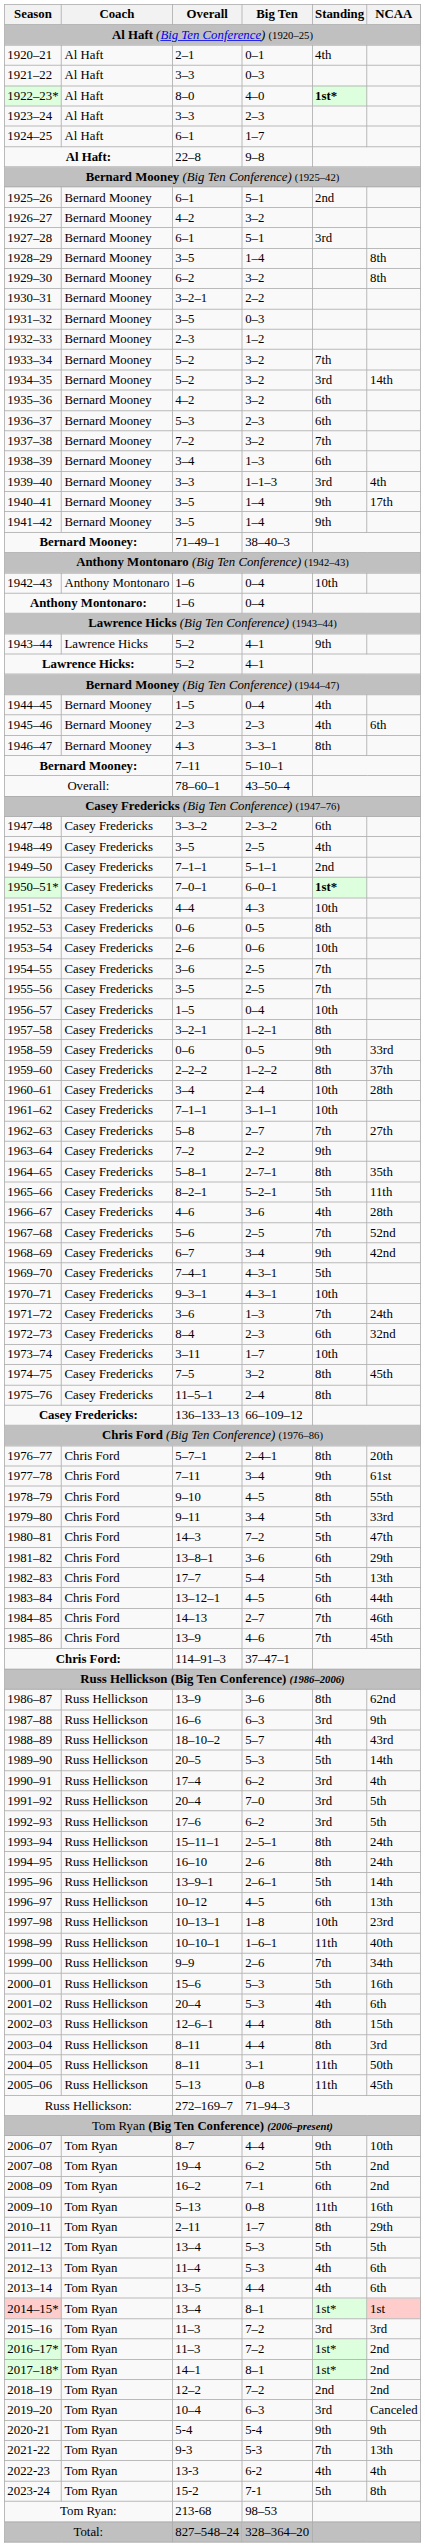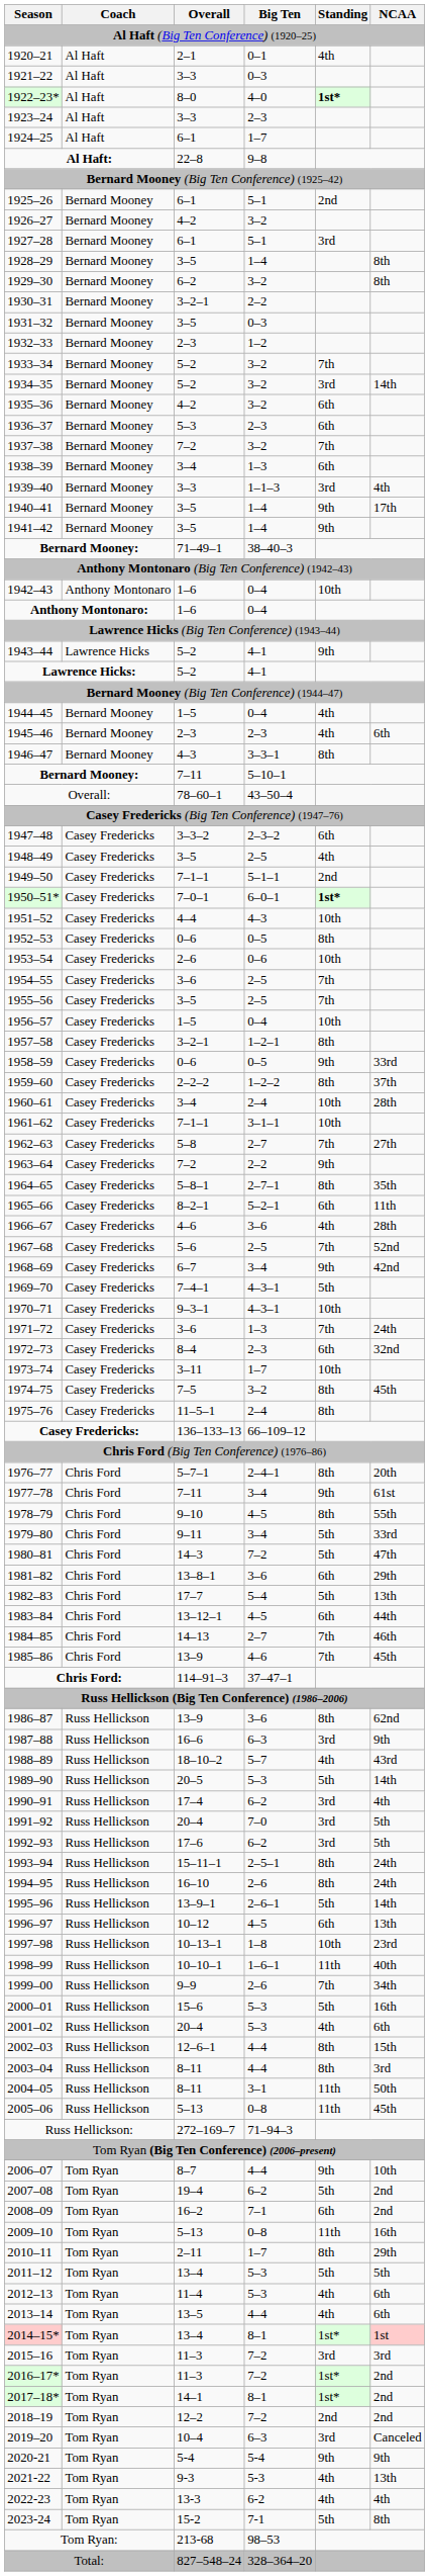 <table class="wikitable">
 <tr>
 <th>Season</th>
 <th>Coach</th>
 <th>Overall</th>
 <th>Big Ten</th>
 <th>Standing</th>
 <th>NCAA</th>
 </tr>
 <tr>
 <td colspan="6" bgcolor="#C0C0C0" style="text-align: center;"><strong>Al Haft</strong> <em>(<a href='#'>Big Ten Conference</a>)</em> <small>(1920–25)</small></td>
 </tr>
 <tr>
 <td>1920–21</td>
 <td>Al Haft</td>
 <td>2–1</td>
 <td>0–1</td>
 <td>4th</td>
 <td></td>
 </tr>
 <tr>
 <td>1921–22</td>
 <td>Al Haft</td>
 <td>3–3</td>
 <td>0–3</td>
 <td></td>
 <td></td>
 </tr>
 <tr>
 <td bgcolor="#ddffdd">1922–23*</td>
 <td>Al Haft</td>
 <td>8–0</td>
 <td>4–0</td>
 <td bgcolor="#ddffdd"><strong>1st*</strong></td>
 <td></td>
 </tr>
 <tr>
 <td>1923–24</td>
 <td>Al Haft</td>
 <td>3–3</td>
 <td>2–3</td>
 <td></td>
 <td></td>
 </tr>
 <tr>
 <td>1924–25</td>
 <td>Al Haft</td>
 <td>6–1</td>
 <td>1–7</td>
 <td></td>
 <td></td>
 </tr>
 <tr>
 <td colspan="2" style="text-align: center;"><strong>Al Haft:</strong></td>
 <td>22–8</td>
 <td>9–8</td>
 <td colspan="2"></td>
 </tr>
 <tr>
 <td colspan="6" bgcolor="#C0C0C0" style="text-align: center;"><strong>Bernard Mooney</strong> <em>(Big Ten Conference)</em> <small>(1925–42)</small></td>
 </tr>
 <tr>
 <td>1925–26</td>
 <td>Bernard Mooney</td>
 <td>6–1</td>
 <td>5–1</td>
 <td>2nd</td>
 <td></td>
 </tr>
 <tr>
 <td>1926–27</td>
 <td>Bernard Mooney</td>
 <td>4–2</td>
 <td>3–2</td>
 <td></td>
 <td></td>
 </tr>
 <tr>
 <td>1927–28</td>
 <td>Bernard Mooney</td>
 <td>6–1</td>
 <td>5–1</td>
 <td>3rd</td>
 <td></td>
 </tr>
 <tr>
 <td>1928–29</td>
 <td>Bernard Mooney</td>
 <td>3–5</td>
 <td>1–4</td>
 <td></td>
 <td>8th</td>
 </tr>
 <tr>
 <td>1929–30</td>
 <td>Bernard Mooney</td>
 <td>6–2</td>
 <td>3–2</td>
 <td></td>
 <td>8th</td>
 </tr>
 <tr>
 <td>1930–31</td>
 <td>Bernard Mooney</td>
 <td>3–2–1</td>
 <td>2–2</td>
 <td></td>
 <td></td>
 </tr>
 <tr>
 <td>1931–32</td>
 <td>Bernard Mooney</td>
 <td>3–5</td>
 <td>0–3</td>
 <td></td>
 <td></td>
 </tr>
 <tr>
 <td>1932–33</td>
 <td>Bernard Mooney</td>
 <td>2–3</td>
 <td>1–2</td>
 <td></td>
 <td></td>
 </tr>
 <tr>
 <td>1933–34</td>
 <td>Bernard Mooney</td>
 <td>5–2</td>
 <td>3–2</td>
 <td>7th</td>
 <td></td>
 </tr>
 <tr>
 <td>1934–35</td>
 <td>Bernard Mooney</td>
 <td>5–2</td>
 <td>3–2</td>
 <td>3rd</td>
 <td>14th</td>
 </tr>
 <tr>
 <td>1935–36</td>
 <td>Bernard Mooney</td>
 <td>4–2</td>
 <td>3–2</td>
 <td>6th</td>
 <td></td>
 </tr>
 <tr>
 <td>1936–37</td>
 <td>Bernard Mooney</td>
 <td>5–3</td>
 <td>2–3</td>
 <td>6th</td>
 <td></td>
 </tr>
 <tr>
 <td>1937–38</td>
 <td>Bernard Mooney</td>
 <td>7–2</td>
 <td>3–2</td>
 <td>7th</td>
 <td></td>
 </tr>
 <tr>
 <td>1938–39</td>
 <td>Bernard Mooney</td>
 <td>3–4</td>
 <td>1–3</td>
 <td>6th</td>
 <td></td>
 </tr>
 <tr>
 <td>1939–40</td>
 <td>Bernard Mooney</td>
 <td>3–3</td>
 <td>1–1–3</td>
 <td>3rd</td>
 <td>4th</td>
 </tr>
 <tr>
 <td>1940–41</td>
 <td>Bernard Mooney</td>
 <td>3–5</td>
 <td>1–4</td>
 <td>9th</td>
 <td>17th</td>
 </tr>
 <tr>
 <td>1941–42</td>
 <td>Bernard Mooney</td>
 <td>3–5</td>
 <td>1–4</td>
 <td>9th</td>
 <td></td>
 </tr>
 <tr>
 <td colspan="2" style="text-align: center;"><strong>Bernard Mooney:</strong></td>
 <td>71–49–1</td>
 <td>38–40–3</td>
 <td colspan="2"></td>
 </tr>
 <tr>
 <td colspan="6" bgcolor="#C0C0C0" style="text-align: center;"><strong>Anthony Montonaro</strong> <em>(Big Ten Conference)</em> <small>(1942–43)</small></td>
 </tr>
 <tr>
 <td>1942–43</td>
 <td>Anthony Montonaro</td>
 <td>1–6</td>
 <td>0–4</td>
 <td>10th</td>
 <td></td>
 </tr>
 <tr>
 <td colspan="2" style="text-align: center;"><strong>Anthony Montonaro:</strong></td>
 <td>1–6</td>
 <td>0–4</td>
 <td colspan="2"></td>
 </tr>
 <tr>
 <td colspan="6" bgcolor="#C0C0C0" style="text-align: center;"><strong>Lawrence Hicks</strong> <em>(Big Ten Conference)</em> <small>(1943–44)</small></td>
 </tr>
 <tr>
 <td>1943–44</td>
 <td>Lawrence Hicks</td>
 <td>5–2</td>
 <td>4–1</td>
 <td>9th</td>
 <td></td>
 </tr>
 <tr>
 <td colspan="2" style="text-align: center;"><strong>Lawrence Hicks:</strong></td>
 <td>5–2</td>
 <td>4–1</td>
 <td colspan="2"></td>
 </tr>
 <tr>
 <td colspan="6" bgcolor="#C0C0C0" style="text-align: center;"><strong>Bernard Mooney</strong> <em>(Big Ten Conference)</em> <small>(1944–47)</small></td>
 </tr>
 <tr>
 <td>1944–45</td>
 <td>Bernard Mooney</td>
 <td>1–5</td>
 <td>0–4</td>
 <td>4th</td>
 <td></td>
 </tr>
 <tr>
 <td>1945–46</td>
 <td>Bernard Mooney</td>
 <td>2–3</td>
 <td>2–3</td>
 <td>4th</td>
 <td>6th</td>
 </tr>
 <tr>
 <td>1946–47</td>
 <td>Bernard Mooney</td>
 <td>4–3</td>
 <td>3–3–1</td>
 <td>8th</td>
 <td></td>
 </tr>
 <tr>
 <td colspan="2" style="text-align: center;"><strong>Bernard Mooney:</strong></td>
 <td>7–11</td>
 <td>5–10–1</td>
 <td colspan="2"></td>
 </tr>
 <tr>
 <td colspan="2" style="text-align: center;">Overall:</td>
 <td>78–60–1</td>
 <td>43–50–4</td>
 <td colspan="2"></td>
 </tr>
 <tr>
 <td colspan="6" bgcolor="#C0C0C0" style="text-align: center;"><strong>Casey Fredericks</strong> <em>(Big Ten Conference)</em> <small>(1947–76)</small></td>
 </tr>
 <tr>
 <td>1947–48</td>
 <td>Casey Fredericks</td>
 <td>3–3–2</td>
 <td>2–3–2</td>
 <td>6th</td>
 <td></td>
 </tr>
 <tr>
 <td>1948–49</td>
 <td>Casey Fredericks</td>
 <td>3–5</td>
 <td>2–5</td>
 <td>4th</td>
 <td></td>
 </tr>
 <tr>
 <td>1949–50</td>
 <td>Casey Fredericks</td>
 <td>7–1–1</td>
 <td>5–1–1</td>
 <td>2nd</td>
 <td></td>
 </tr>
 <tr>
 <td bgcolor="#ddffdd">1950–51*</td>
 <td>Casey Fredericks</td>
 <td>7–0–1</td>
 <td>6–0–1</td>
 <td bgcolor="#ddffdd"><strong>1st*</strong></td>
 <td></td>
 </tr>
 <tr>
 <td>1951–52</td>
 <td>Casey Fredericks</td>
 <td>4–4</td>
 <td>4–3</td>
 <td>10th</td>
 <td></td>
 </tr>
 <tr>
 <td>1952–53</td>
 <td>Casey Fredericks</td>
 <td>0–6</td>
 <td>0–5</td>
 <td>8th</td>
 <td></td>
 </tr>
 <tr>
 <td>1953–54</td>
 <td>Casey Fredericks</td>
 <td>2–6</td>
 <td>0–6</td>
 <td>10th</td>
 <td></td>
 </tr>
 <tr>
 <td>1954–55</td>
 <td>Casey Fredericks</td>
 <td>3–6</td>
 <td>2–5</td>
 <td>7th</td>
 <td></td>
 </tr>
 <tr>
 <td>1955–56</td>
 <td>Casey Fredericks</td>
 <td>3–5</td>
 <td>2–5</td>
 <td>7th</td>
 <td></td>
 </tr>
 <tr>
 <td>1956–57</td>
 <td>Casey Fredericks</td>
 <td>1–5</td>
 <td>0–4</td>
 <td>10th</td>
 <td></td>
 </tr>
 <tr>
 <td>1957–58</td>
 <td>Casey Fredericks</td>
 <td>3–2–1</td>
 <td>1–2–1</td>
 <td>8th</td>
 <td></td>
 </tr>
 <tr>
 <td>1958–59</td>
 <td>Casey Fredericks</td>
 <td>0–6</td>
 <td>0–5</td>
 <td>9th</td>
 <td>33rd</td>
 </tr>
 <tr>
 <td>1959–60</td>
 <td>Casey Fredericks</td>
 <td>2–2–2</td>
 <td>1–2–2</td>
 <td>8th</td>
 <td>37th</td>
 </tr>
 <tr>
 <td>1960–61</td>
 <td>Casey Fredericks</td>
 <td>3–4</td>
 <td>2–4</td>
 <td>10th</td>
 <td>28th</td>
 </tr>
 <tr>
 <td>1961–62</td>
 <td>Casey Fredericks</td>
 <td>7–1–1</td>
 <td>3–1–1</td>
 <td>10th</td>
 <td></td>
 </tr>
 <tr>
 <td>1962–63</td>
 <td>Casey Fredericks</td>
 <td>5–8</td>
 <td>2–7</td>
 <td>7th</td>
 <td>27th</td>
 </tr>
 <tr>
 <td>1963–64</td>
 <td>Casey Fredericks</td>
 <td>7–2</td>
 <td>2–2</td>
 <td>9th</td>
 <td></td>
 </tr>
 <tr>
 <td>1964–65</td>
 <td>Casey Fredericks</td>
 <td>5–8–1</td>
 <td>2–7–1</td>
 <td>8th</td>
 <td>35th</td>
 </tr>
 <tr>
 <td>1965–66</td>
 <td>Casey Fredericks</td>
 <td>8–2–1</td>
 <td>5–2–1</td>
-<td>5th</td>
+<td>6th</td>
 <td>11th</td>
 </tr>
 <tr>
 <td>1966–67</td>
 <td>Casey Fredericks</td>
 <td>4–6</td>
 <td>3–6</td>
 <td>4th</td>
 <td>28th</td>
 </tr>
 <tr>
 <td>1967–68</td>
 <td>Casey Fredericks</td>
 <td>5–6</td>
 <td>2–5</td>
 <td>7th</td>
 <td>52nd</td>
 </tr>
 <tr>
 <td>1968–69</td>
 <td>Casey Fredericks</td>
 <td>6–7</td>
 <td>3–4</td>
 <td>9th</td>
 <td>42nd</td>
 </tr>
 <tr>
 <td>1969–70</td>
 <td>Casey Fredericks</td>
 <td>7–4–1</td>
 <td>4–3–1</td>
 <td>5th</td>
 <td></td>
 </tr>
 <tr>
 <td>1970–71</td>
 <td>Casey Fredericks</td>
 <td>9–3–1</td>
 <td>4–3–1</td>
 <td>10th</td>
 <td></td>
 </tr>
 <tr>
 <td>1971–72</td>
 <td>Casey Fredericks</td>
 <td>3–6</td>
 <td>1–3</td>
 <td>7th</td>
 <td>24th</td>
 </tr>
 <tr>
 <td>1972–73</td>
 <td>Casey Fredericks</td>
 <td>8–4</td>
 <td>2–3</td>
 <td>6th</td>
 <td>32nd</td>
 </tr>
 <tr>
 <td>1973–74</td>
 <td>Casey Fredericks</td>
 <td>3–11</td>
 <td>1–7</td>
 <td>10th</td>
 <td></td>
 </tr>
 <tr>
 <td>1974–75</td>
 <td>Casey Fredericks</td>
 <td>7–5</td>
 <td>3–2</td>
 <td>8th</td>
 <td>45th</td>
 </tr>
 <tr>
 <td>1975–76</td>
 <td>Casey Fredericks</td>
 <td>11–5–1</td>
 <td>2–4</td>
 <td>8th</td>
 <td></td>
 </tr>
 <tr>
 <td colspan="2" style="text-align: center;"><strong>Casey Fredericks:</strong></td>
 <td>136–133–13</td>
 <td>66–109–12</td>
 <td colspan="2"></td>
 </tr>
 <tr>
 <td colspan="6" bgcolor="#C0C0C0" style="text-align: center;"><strong>Chris Ford</strong> <em>(Big Ten Conference)</em> <small>(1976–86)</small></td>
 </tr>
 <tr>
 <td>1976–77</td>
 <td>Chris Ford</td>
 <td>5–7–1</td>
 <td>2–4–1</td>
 <td>8th</td>
 <td>20th</td>
 </tr>
 <tr>
 <td>1977–78</td>
 <td>Chris Ford</td>
 <td>7–11</td>
 <td>3–4</td>
 <td>9th</td>
 <td>61st</td>
 </tr>
 <tr>
 <td>1978–79</td>
 <td>Chris Ford</td>
 <td>9–10</td>
 <td>4–5</td>
 <td>8th</td>
 <td>55th</td>
 </tr>
 <tr>
 <td>1979–80</td>
 <td>Chris Ford</td>
 <td>9–11</td>
 <td>3–4</td>
 <td>5th</td>
 <td>33rd</td>
 </tr>
 <tr>
 <td>1980–81</td>
 <td>Chris Ford</td>
 <td>14–3</td>
 <td>7–2</td>
 <td>5th</td>
 <td>47th</td>
 </tr>
 <tr>
 <td>1981–82</td>
 <td>Chris Ford</td>
 <td>13–8–1</td>
 <td>3–6</td>
 <td>6th</td>
 <td>29th</td>
 </tr>
 <tr>
 <td>1982–83</td>
 <td>Chris Ford</td>
 <td>17–7</td>
 <td>5–4</td>
 <td>5th</td>
 <td>13th</td>
 </tr>
 <tr>
 <td>1983–84</td>
 <td>Chris Ford</td>
 <td>13–12–1</td>
 <td>4–5</td>
 <td>6th</td>
 <td>44th</td>
 </tr>
 <tr>
 <td>1984–85</td>
 <td>Chris Ford</td>
 <td>14–13</td>
 <td>2–7</td>
 <td>7th</td>
 <td>46th</td>
 </tr>
 <tr>
 <td>1985–86</td>
 <td>Chris Ford</td>
 <td>13–9</td>
 <td>4–6</td>
 <td>7th</td>
 <td>45th</td>
 </tr>
 <tr>
 <td colspan="2" style="text-align: center;"><strong>Chris Ford:</strong></td>
 <td>114–91–3</td>
 <td>37–47–1</td>
 <td colspan="2"></td>
 </tr>
 <tr>
 <td colspan="6" bgcolor="#C0C0C0" style="text-align: center;"><strong>Russ Hellickson<em> </em>(Big Ten Conference)<em> <small>(1986–2006)</small></td>
 </tr>
 <tr>
 <td>1986–87</td>
 <td>Russ Hellickson</td>
 <td>13–9</td>
 <td>3–6</td>
 <td>8th</td>
 <td>62nd</td>
 </tr>
 <tr>
 <td>1987–88</td>
 <td>Russ Hellickson</td>
 <td>16–6</td>
 <td>6–3</td>
 <td>3rd</td>
 <td>9th</td>
 </tr>
 <tr>
 <td>1988–89</td>
 <td>Russ Hellickson</td>
 <td>18–10–2</td>
 <td>5–7</td>
 <td>4th</td>
 <td>43rd</td>
 </tr>
 <tr>
 <td>1989–90</td>
 <td>Russ Hellickson</td>
 <td>20–5</td>
 <td>5–3</td>
 <td>5th</td>
 <td>14th</td>
 </tr>
 <tr>
 <td>1990–91</td>
 <td>Russ Hellickson</td>
 <td>17–4</td>
 <td>6–2</td>
 <td>3rd</td>
 <td>4th</td>
 </tr>
 <tr>
 <td>1991–92</td>
 <td>Russ Hellickson</td>
 <td>20–4</td>
 <td>7–0</td>
 <td>3rd</td>
 <td>5th</td>
 </tr>
 <tr>
 <td>1992–93</td>
 <td>Russ Hellickson</td>
 <td>17–6</td>
 <td>6–2</td>
 <td>3rd</td>
 <td>5th</td>
 </tr>
 <tr>
 <td>1993–94</td>
 <td>Russ Hellickson</td>
 <td>15–11–1</td>
 <td>2–5–1</td>
 <td>8th</td>
 <td>24th</td>
 </tr>
 <tr>
 <td>1994–95</td>
 <td>Russ Hellickson</td>
 <td>16–10</td>
 <td>2–6</td>
 <td>8th</td>
 <td>24th</td>
 </tr>
 <tr>
 <td>1995–96</td>
 <td>Russ Hellickson</td>
 <td>13–9–1</td>
 <td>2–6–1</td>
 <td>5th</td>
 <td>14th</td>
 </tr>
 <tr>
 <td>1996–97</td>
 <td>Russ Hellickson</td>
 <td>10–12</td>
 <td>4–5</td>
 <td>6th</td>
 <td>13th</td>
 </tr>
 <tr>
 <td>1997–98</td>
 <td>Russ Hellickson</td>
 <td>10–13–1</td>
 <td>1–8</td>
 <td>10th</td>
 <td>23rd</td>
 </tr>
 <tr>
 <td>1998–99</td>
 <td>Russ Hellickson</td>
 <td>10–10–1</td>
 <td>1–6–1</td>
 <td>11th</td>
 <td>40th</td>
 </tr>
 <tr>
 <td>1999–00</td>
 <td>Russ Hellickson</td>
 <td>9–9</td>
 <td>2–6</td>
 <td>7th</td>
 <td>34th</td>
 </tr>
 <tr>
 <td>2000–01</td>
 <td>Russ Hellickson</td>
 <td>15–6</td>
 <td>5–3</td>
 <td>5th</td>
 <td>16th</td>
 </tr>
 <tr>
 <td>2001–02</td>
 <td>Russ Hellickson</td>
 <td>20–4</td>
 <td>5–3</td>
 <td>4th</td>
 <td>6th</td>
 </tr>
 <tr>
 <td>2002–03</td>
 <td>Russ Hellickson</td>
 <td>12–6–1</td>
 <td>4–4</td>
 <td>8th</td>
 <td>15th</td>
 </tr>
 <tr>
 <td>2003–04</td>
 <td>Russ Hellickson</td>
 <td>8–11</td>
 <td>4–4</td>
 <td>8th</td>
 <td>3rd</td>
 </tr>
 <tr>
 <td>2004–05</td>
 <td>Russ Hellickson</td>
 <td>8–11</td>
 <td>3–1</td>
 <td>11th</td>
 <td>50th</td>
 </tr>
 <tr>
 <td>2005–06</td>
 <td>Russ Hellickson</td>
 <td>5–13</td>
 <td>0–8</td>
 <td>11th</td>
 <td>45th</td>
 </tr>
 <tr>
 <td colspan="2" style="text-align: center;"></strong>Russ Hellickson:<strong></td>
 <td>272–169–7</td>
 <td>71–94–3</td>
 <td colspan="2"></td>
 </tr>
 <tr>
 <td colspan="6" bgcolor="#C0C0C0" style="text-align: center;"></strong>Tom Ryan<strong> </em>(Big Ten Conference)<em> <small>(2006–present)</small></td>
 </tr>
 <tr>
 <td>2006–07</td>
 <td>Tom Ryan</td>
 <td>8–7</td>
 <td>4–4</td>
 <td>9th</td>
 <td>10th</td>
 </tr>
 <tr>
 <td>2007–08</td>
 <td>Tom Ryan</td>
 <td>19–4</td>
 <td>6–2</td>
 <td>5th</td>
 <td>2nd</td>
 </tr>
 <tr>
 <td>2008–09</td>
 <td>Tom Ryan</td>
 <td>16–2</td>
 <td>7–1</td>
 <td>6th</td>
 <td>2nd</td>
 </tr>
 <tr>
 <td>2009–10</td>
 <td>Tom Ryan</td>
 <td>5–13</td>
 <td>0–8</td>
 <td>11th</td>
 <td>16th</td>
 </tr>
 <tr>
 <td>2010–11</td>
 <td>Tom Ryan</td>
 <td>2–11</td>
 <td>1–7</td>
 <td>8th</td>
 <td>29th</td>
 </tr>
 <tr>
 <td>2011–12</td>
 <td>Tom Ryan</td>
 <td>13–4</td>
 <td>5–3</td>
 <td>5th</td>
 <td>5th</td>
 </tr>
 <tr>
 <td>2012–13</td>
 <td>Tom Ryan</td>
 <td>11–4</td>
 <td>5–3</td>
 <td>4th</td>
 <td>6th</td>
 </tr>
 <tr>
 <td>2013–14</td>
 <td>Tom Ryan</td>
 <td>13–5</td>
 <td>4–4</td>
 <td>4th</td>
 <td>6th</td>
 </tr>
 <tr>
 <td bgcolor="#FFCCCC">2014–15*</td>
 <td>Tom Ryan</td>
 <td>13–4</td>
 <td>8–1</td>
 <td bgcolor="#ddffdd"></strong>1st*<strong></td>
 <td bgcolor="#FFCCCC"></strong>1st<strong></td>
 </tr>
 <tr>
 <td>2015–16</td>
 <td>Tom Ryan</td>
 <td>11–3</td>
 <td>7–2</td>
 <td>3rd</td>
 <td>3rd</td>
 </tr>
 <tr>
 <td bgcolor="#ddffdd">2016–17*</td>
 <td>Tom Ryan</td>
 <td>11–3</td>
 <td>7–2</td>
 <td bgcolor="#ddffdd"></strong>1st*<strong></td>
 <td>2nd</td>
 </tr>
 <tr>
 <td bgcolor="#ddffdd">2017–18*</td>
 <td>Tom Ryan</td>
 <td>14–1</td>
 <td>8–1</td>
 <td bgcolor="#ddffdd"></strong>1st*<strong></td>
 <td>2nd</td>
 </tr>
 <tr>
 <td>2018–19</td>
 <td>Tom Ryan</td>
 <td>12–2</td>
 <td>7–2</td>
 <td>2nd</td>
 <td>2nd</td>
 </tr>
 <tr>
 <td>2019–20</td>
 <td>Tom Ryan</td>
 <td>10–4</td>
 <td>6–3</td>
 <td>3rd</td>
 <td>Canceled</td>
 </tr>
 <tr>
 <td>2020-21</td>
 <td>Tom Ryan</td>
 <td>5-4</td>
 <td>5-4</td>
 <td>9th</td>
 <td>9th</td>
 </tr>
 <tr>
 <td>2021-22</td>
 <td>Tom Ryan</td>
 <td>9-3</td>
 <td>5-3</td>
-<td>7th</td>
+<td>4th</td>
 <td>13th</td>
 </tr>
 <tr>
 <td>2022-23</td>
 <td>Tom Ryan</td>
 <td>13-3</td>
 <td>6-2</td>
 <td>4th</td>
 <td>4th</td>
 </tr>
 <tr>
 <td>2023-24</td>
 <td>Tom Ryan</td>
 <td>15-2</td>
 <td>7-1</td>
 <td>5th</td>
 <td>8th</td>
 </tr>
 <tr>
 <td colspan="2" style="text-align: center;"></strong>Tom Ryan:<strong></td>
 <td>213-68</td>
 <td>98–53</td>
 <td colspan="2"></td>
 </tr>
 <tr>
 <td colspan="2" bgcolor="#C0C0C0" style="text-align: center;"></strong>Total:<strong></td>
 <td bgcolor="#C0C0C0">827–548–24</td>
 <td bgcolor="#C0C0C0">328–364–20</td>
 <td colspan="2" bgcolor="#C0C0C0"></td>
 </tr>
 <tr>
 </tr>
 </table>
